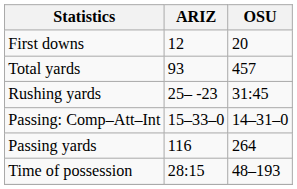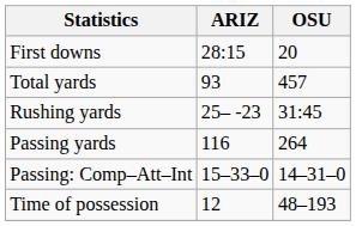 <table class="wikitable" style="float: left;">
 <tr>
 <th>Statistics</th>
 <th>ARIZ</th>
 <th>OSU</th>
 </tr>
 <tr>
 <td>First downs</td>
-<td>12</td>
+<td>28:15</td>
 <td>20</td>
 </tr>
 <tr>
 <td>Total yards</td>
 <td>93</td>
 <td>457</td>
 </tr>
 <tr>
 <td>Rushing yards</td>
 <td>25– -23</td>
 <td>31:45</td>
 </tr>
 <tr>
+<td>Passing yards</td>
+<td>116</td>
+<td>264</td>
+</tr>
+<tr>
 <td>Passing: Comp–Att–Int</td>
 <td>15–33–0</td>
 <td>14–31–0</td>
 </tr>
 <tr>
-<td>Passing yards</td>
-<td>116</td>
-<td>264</td>
-</tr>
-<tr>
 <td>Time of possession</td>
-<td>28:15</td>
+<td>12</td>
 <td>48–193</td>
 </tr>
 <tr>
 </tr>
 </table>
